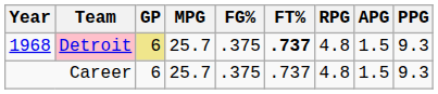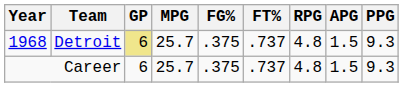 <table class="wikitable sortable" style="font-size:95%; text-align:right;">
 <tr>
 <th>Year</th>
 <th>Team</th>
 <th>GP</th>
 <th>MPG</th>
 <th>FG%</th>
 <th>FT%</th>
 <th>RPG</th>
 <th>APG</th>
 <th>PPG</th>
 </tr>
 <tr>
 <td style="text-align:left;"><a href='#'>1968</a></td>
-<td style="background: pink; text-align:left;"><a href='#'>Detroit</a></td>
+<td style="text-align:left;"><a href='#'>Detroit</a></td>
 <td style="background: khaki;">6</td>
 <td>25.7</td>
 <td>.375</td>
-<td><strong>.737</strong></td>
+<td>.737</td>
 <td>4.8</td>
 <td>1.5</td>
 <td>9.3</td>
 </tr>
 <tr>
 <td colspan="2">Career</td>
 <td>6</td>
 <td>25.7</td>
 <td>.375</td>
 <td>.737</td>
 <td>4.8</td>
 <td>1.5</td>
 <td>9.3</td>
 </tr>
 </table>
